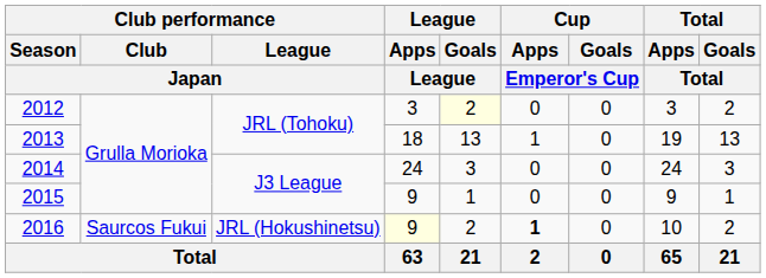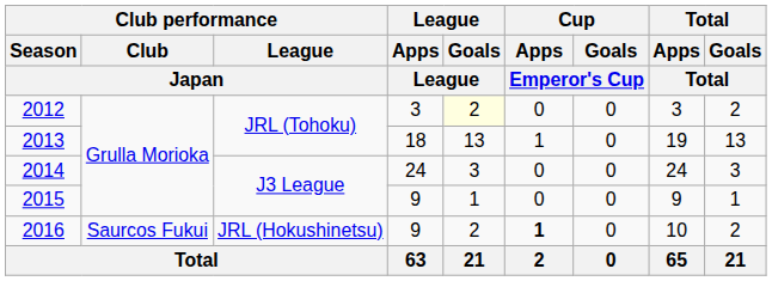 <table class="wikitable" style="text-align:center;">
 <tr>
 <th colspan=3>Club performance</th>
 <th colspan=2>League</th>
 <th colspan=2>Cup</th>
 <th colspan=2>Total</th>
 </tr>
 <tr>
 <th>Season</th>
 <th>Club</th>
 <th>League</th>
 <th>Apps</th>
 <th>Goals</th>
 <th>Apps</th>
 <th>Goals</th>
 <th>Apps</th>
 <th>Goals</th>
 </tr>
 <tr>
 <th colspan=3>Japan</th>
 <th colspan=2>League</th>
 <th colspan=2><a href='#'>Emperor's Cup</a></th>
 <th colspan=2>Total</th>
 </tr>
 <tr>
 <td><a href='#'>2012</a></td>
 <td rowspan="4"><a href='#'>Grulla Morioka</a></td>
 <td rowspan="2"><a href='#'>JRL (Tohoku)</a></td>
 <td>3</td>
 <td style="background: lightyellow;">2</td>
 <td>0</td>
 <td>0</td>
 <td>3</td>
 <td>2</td>
 </tr>
 <tr>
 <td><a href='#'>2013</a></td>
 <td>18</td>
 <td>13</td>
 <td>1</td>
 <td>0</td>
 <td>19</td>
 <td>13</td>
 </tr>
 <tr>
 <td><a href='#'>2014</a></td>
 <td rowspan="2"><a href='#'>J3 League</a></td>
 <td>24</td>
 <td>3</td>
 <td>0</td>
 <td>0</td>
 <td>24</td>
 <td>3</td>
 </tr>
 <tr>
 <td><a href='#'>2015</a></td>
 <td>9</td>
 <td>1</td>
 <td>0</td>
 <td>0</td>
 <td>9</td>
 <td>1</td>
 </tr>
 <tr>
 <td><a href='#'>2016</a></td>
 <td><a href='#'>Saurcos Fukui</a></td>
 <td><a href='#'>JRL (Hokushinetsu)</a></td>
-<td style="background: lightyellow;">9</td>
+<td>9</td>
 <td>2</td>
 <td><strong>1</strong></td>
 <td>0</td>
 <td>10</td>
 <td>2</td>
 </tr>
 <tr>
 <th colspan=3>Total</th>
 <th>63</th>
 <th>21</th>
 <th>2</th>
 <th>0</th>
 <th>65</th>
 <th>21</th>
 </tr>
 </table>
